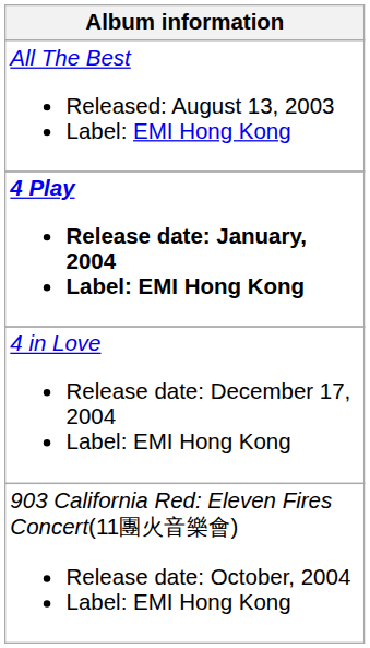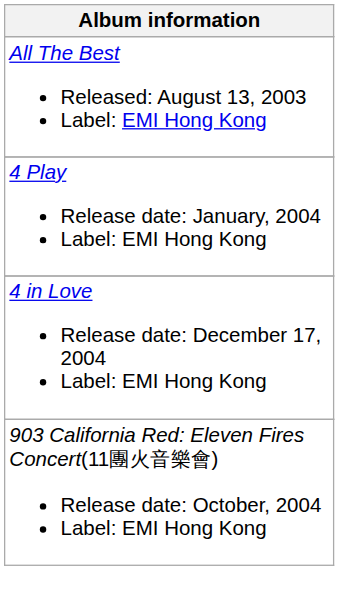 <table class="wikitable">
 <tr>
 <th align="left" width="250px">Album information</th>
 </tr>
 <tr>
 </tr>
 <tr bgcolor="#FFFFFF">
 <td align="left"><em><a href='#'>All The Best</a></em><br><ul><li>Released: August 13, 2003</li><li>Label: <a href='#'>EMI Hong Kong</a></li></ul></td>
 </tr>
 <tr>
 </tr>
 <tr bgcolor="#FFFFFF">
-<td align="left"><strong><em><a href='#'>4 Play</a></em><br><ul><li>Release date: January, 2004</li><li>Label: EMI Hong Kong</li></ul></strong></td>
+<td align="left"><em><a href='#'>4 Play</a></em><br><ul><li>Release date: January, 2004</li><li>Label: EMI Hong Kong</li></ul></td>
 </tr>
 <tr>
 </tr>
 <tr bgcolor="#FFFFFF">
 <td align="left"><em><a href='#'>4 in Love</a></em><br><ul><li>Release date: December 17, 2004</li><li>Label: EMI Hong Kong</li></ul></td>
 </tr>
 <tr>
 </tr>
 <tr bgcolor="#FFFFFF">
 <td align="left"><em>903 California Red: Eleven Fires Concert</em>(11團火音樂會)<br><ul><li>Release date: October, 2004</li><li>Label: EMI Hong Kong</li></ul></td>
 </tr>
 </table>
